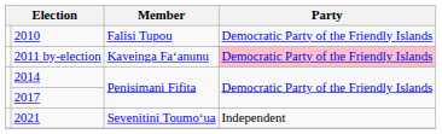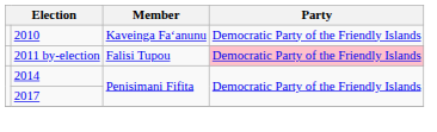 <table class="wikitable">
 <tr>
 <th colspan="2">Election</th>
 <th>Member</th>
 <th>Party</th>
 </tr>
 <tr>
 <td style="background-color: "></td>
 <td><a href='#'>2010</a></td>
-<td><a href='#'>Falisi Tupou</a></td>
+<td><a href='#'>Kaveinga Faʻanunu</a></td>
 <td><a href='#'>Democratic Party of the Friendly Islands</a></td>
 </tr>
 <tr>
 <td style="background-color: "></td>
 <td><a href='#'>2011 by-election</a></td>
-<td><a href='#'>Kaveinga Faʻanunu</a></td>
+<td><a href='#'>Falisi Tupou</a></td>
 <td style="background: pink;"><a href='#'>Democratic Party of the Friendly Islands</a></td>
 </tr>
 <tr>
 <td rowspan="2" style="background-color: "></td>
 <td><a href='#'>2014</a></td>
 <td rowspan="2"><a href='#'>Penisimani Fifita</a></td>
 <td rowspan="2"><a href='#'>Democratic Party of the Friendly Islands</a></td>
 </tr>
 <tr>
 <td><a href='#'>2017</a></td>
 </tr>
 <tr>
-<td style="background-color: "></td>
-<td><a href='#'>2021</a></td>
-<td><a href='#'>Sevenitini Toumoʻua</a></td>
-<td>Independent</td>
-</tr>
-<tr>
 </tr>
 </table>
